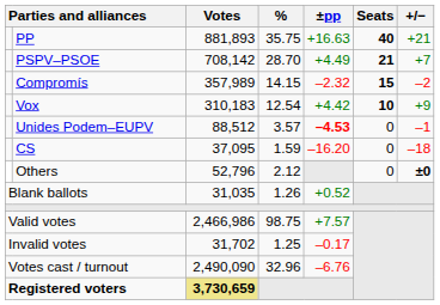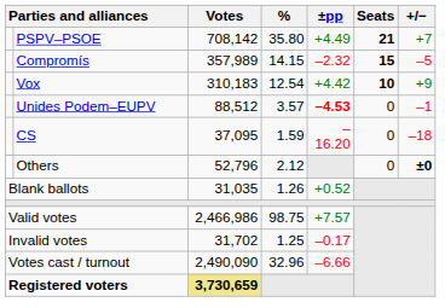 <table class="wikitable" style="text-align:right;">
 <tr>
 <th style="text-align:left;" colspan="2" width="200">Parties and alliances</th>
 <th width="75">Votes</th>
 <th width="45">%</th>
 <th width="45">±<a href='#'>pp</a></th>
 <th width="35">Seats</th>
 <th width="35">+/−</th>
 </tr>
 <tr>
-<td width="1" style="color:inherit;background:"></td>
-<td align="left"><a href='#'>PP</a></td>
-<td>881,893</td>
-<td>35.75</td>
-<td style="color:green;">+16.63</td>
-<td><strong>40</strong></td>
-<td style="color:green;">+21</td>
-</tr>
-<tr>
 <td style="color:inherit;background:"></td>
 <td align="left"><a href='#'>PSPV–PSOE</a></td>
 <td>708,142</td>
-<td>28.70</td>
+<td>35.80</td>
 <td style="color:green;">+4.49</td>
 <td><strong>21</strong></td>
 <td style="color:green;">+7</td>
 </tr>
 <tr>
 <td style="color:inherit;background:"></td>
 <td align="left"><a href='#'>Compromís</a></td>
 <td>357,989</td>
 <td>14.15</td>
 <td style="color:red;">–2.32</td>
 <td><strong>15</strong></td>
-<td style="color:red;">–2</td>
+<td style="color:red;">–5</td>
 </tr>
 <tr>
 <td style="color:inherit;background:"></td>
 <td align="left"><a href='#'>Vox</a></td>
 <td>310,183</td>
 <td>12.54</td>
 <td style="color:green;">+4.42</td>
 <td><strong>10</strong></td>
 <td style="color:green;">+9</td>
 </tr>
 <tr>
 <td style="color:inherit;background:"></td>
 <td align="left"><a href='#'>Unides Podem–EUPV</a></td>
 <td>88,512</td>
 <td>3.57</td>
 <td style="color:red;"><strong>–4.53</strong></td>
 <td>0</td>
 <td style="color:red;">–1</td>
 </tr>
 <tr>
 <td style="color:inherit;background:"></td>
 <td align="left"><a href='#'>CS</a></td>
 <td>37,095</td>
 <td>1.59</td>
 <td style="color:red;">–16.20</td>
 <td>0</td>
 <td style="color:red;">–18</td>
 </tr>
 <tr>
 <td bgcolor="white"></td>
 <td align="left">Others</td>
 <td>52,796</td>
 <td>2.12</td>
 <td bgcolor="#E9E9E9"></td>
 <td>0</td>
 <td><strong>±0</strong></td>
 </tr>
 <tr>
 <td align="left" colspan="2">Blank ballots</td>
 <td>31,035</td>
 <td>1.26</td>
 <td style="color:green;">+0.52</td>
 <td bgcolor="#E9E9E9" colspan="2"></td>
 </tr>
 <tr>
 <td colspan="7" bgcolor="#E9E9E9"></td>
 </tr>
 <tr>
 <td align="left" colspan="2">Valid votes</td>
 <td>2,466,986</td>
 <td>98.75</td>
 <td style="color:green;">+7.57</td>
 <td bgcolor="#E9E9E9" colspan="2" rowspan="4"></td>
 </tr>
 <tr>
 <td align="left" colspan="2">Invalid votes</td>
 <td>31,702</td>
 <td>1.25</td>
 <td style="color:red;">–0.17</td>
 </tr>
 <tr>
 <td align="left" colspan="2">Votes cast / turnout</td>
 <td>2,490,090</td>
 <td>32.96</td>
-<td style="color:red;">–6.76</td>
+<td style="color:red;">–6.66</td>
 </tr>
 <tr style="font-weight:bold;">
 <td align="left" colspan="2">Registered voters</td>
 <td style="background: khaki;">3,730,659</td>
 <td bgcolor="#E9E9E9" colspan="2"></td>
 </tr>
 </table>
